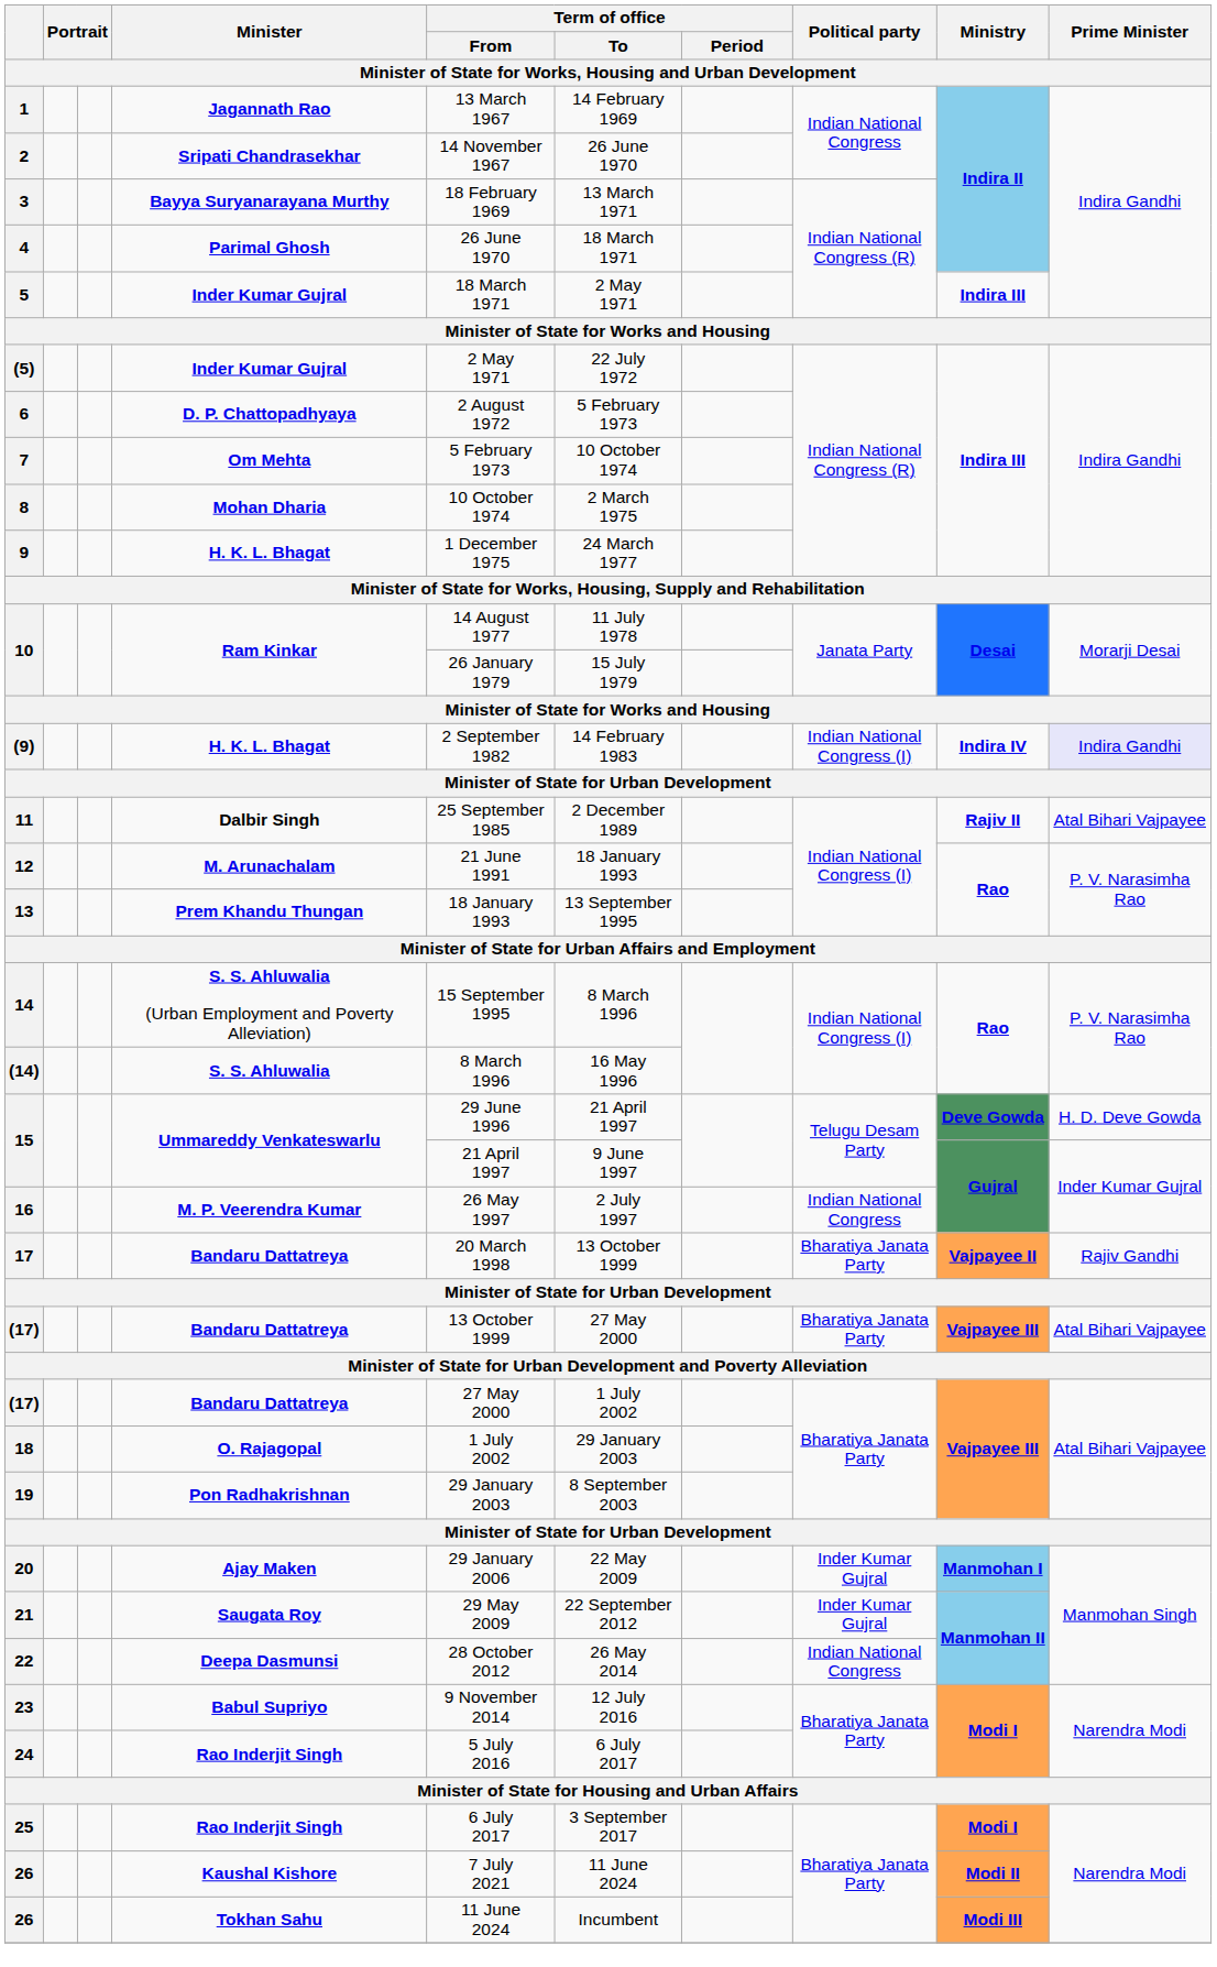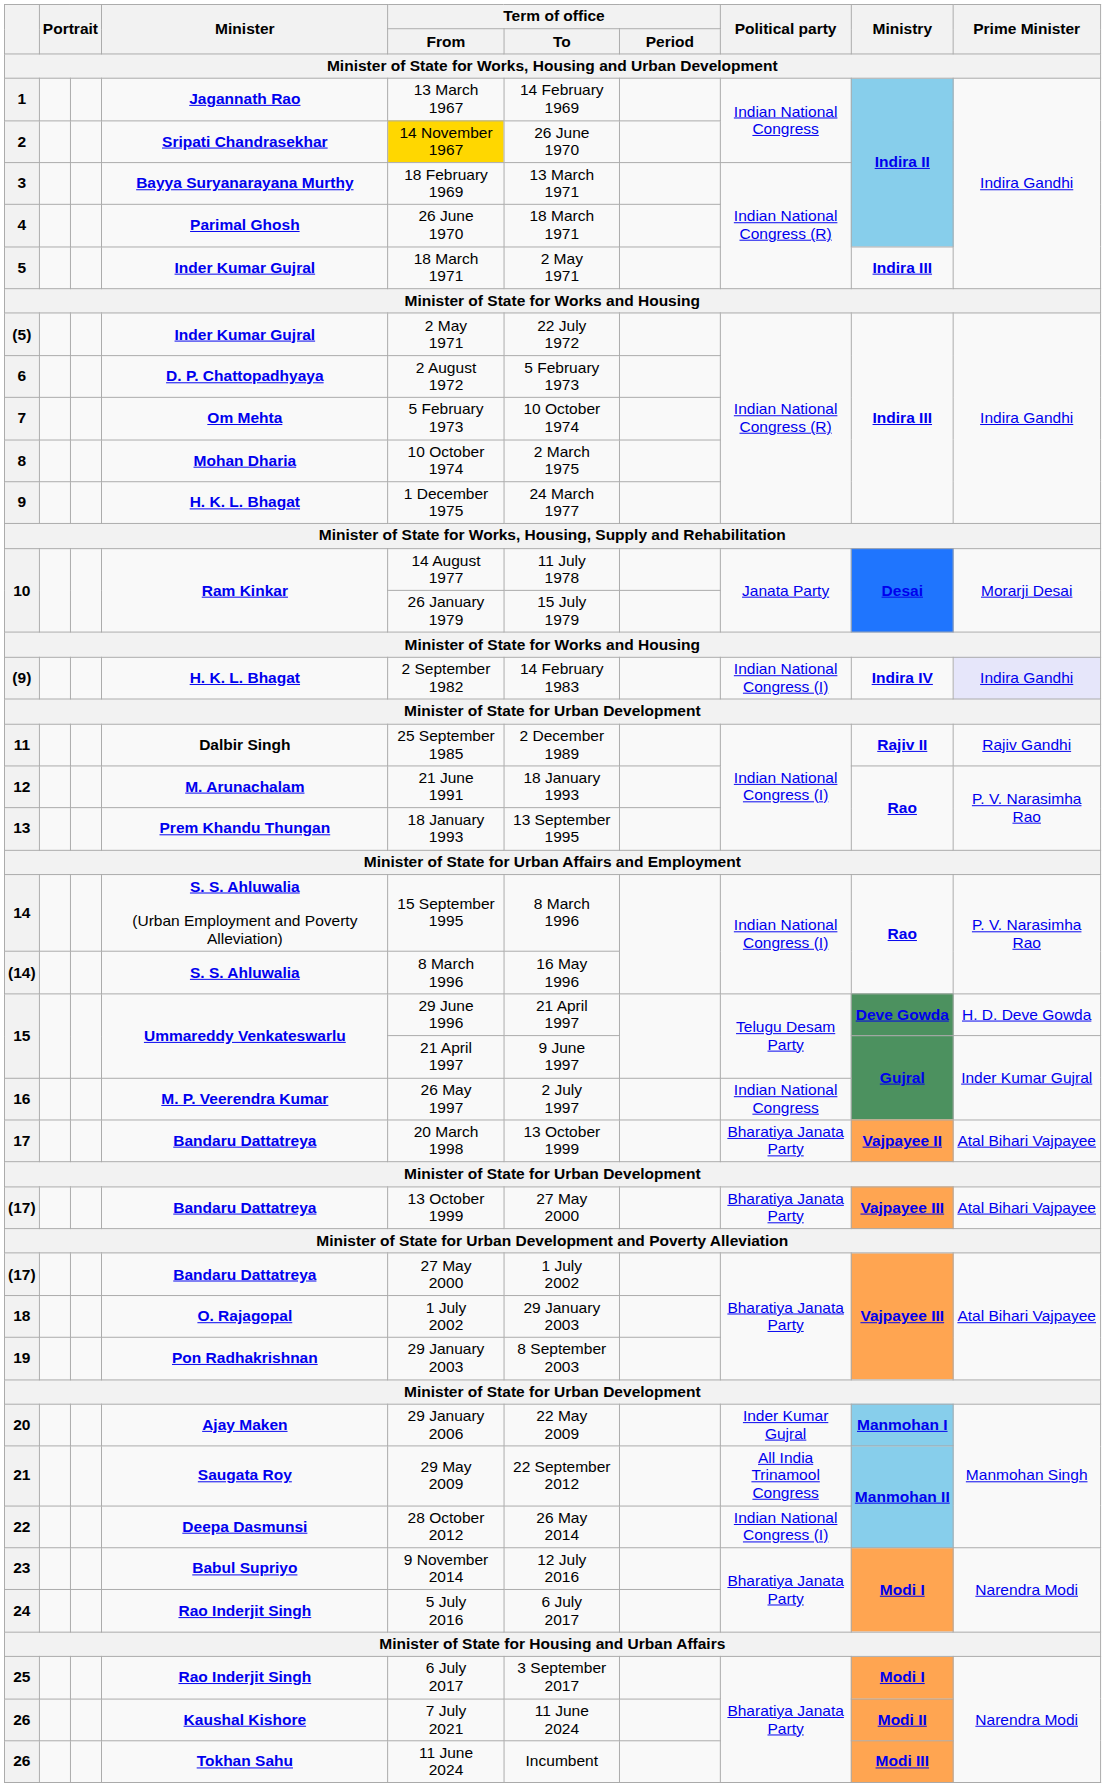 <table class="wikitable" style="text-align:center">
 <tr>
 <th rowspan="2"></th>
 <th rowspan="2" colspan="2">Portrait</th>
 <th rowspan="2" style="width:18em">Minister<br></th>
 <th colspan="3">Term of office</th>
 <th rowspan="2" style="width:8em">Political party</th>
 <th rowspan="2">Ministry</th>
 <th rowspan="2" style="width:9em">Prime Minister</th>
 </tr>
 <tr>
 <th style="width:7em">From</th>
 <th style="width:7em">To</th>
 <th style="width:6em">Period</th>
 </tr>
 <tr>
 <th colspan="10">Minister of State for Works, Housing and Urban Development</th>
 </tr>
 <tr>
 <th>1</th>
 <td></td>
 <td></td>
 <td><strong><a href='#'>Jagannath Rao</a></strong><br></td>
 <td>13 March<br>1967</td>
 <td>14 February<br>1969</td>
 <td><strong></strong></td>
 <td rowspan="2"><a href='#'>Indian National Congress</a></td>
 <td rowspan="4" bgcolor="#87CEEB"><strong><a href='#'>Indira II</a></strong></td>
 <td rowspan="5"><a href='#'>Indira Gandhi</a></td>
 </tr>
 <tr>
 <th>2</th>
 <td></td>
 <td></td>
 <td><strong><a href='#'>Sripati Chandrasekhar</a></strong><br></td>
-<td>14 November<br>1967</td>
+<td style="background: gold;">14 November<br>1967</td>
 <td>26 June<br>1970</td>
 <td><strong></strong></td>
 </tr>
 <tr>
 <th>3</th>
 <td></td>
 <td></td>
 <td><strong><a href='#'>Bayya Suryanarayana Murthy</a></strong><br></td>
 <td>18 February<br>1969</td>
 <td>13 March<br>1971</td>
 <td><strong></strong></td>
 <td rowspan="3"><a href='#'>Indian National Congress (R)</a></td>
 </tr>
 <tr>
 <th>4</th>
 <td></td>
 <td></td>
 <td><strong><a href='#'>Parimal Ghosh</a></strong><br></td>
 <td>26 June<br>1970</td>
 <td>18 March<br>1971</td>
 <td><strong></strong></td>
 </tr>
 <tr>
 <th>5</th>
 <td></td>
 <td></td>
 <td><strong><a href='#'>Inder Kumar Gujral</a></strong><br></td>
 <td>18 March<br>1971</td>
 <td>2 May<br>1971</td>
 <td><strong></strong></td>
 <td><strong><a href='#'>Indira III</a></strong></td>
 </tr>
 <tr>
 <th colspan="10">Minister of State for Works and Housing</th>
 </tr>
 <tr>
 <th>(5)</th>
 <td></td>
 <td></td>
 <td><strong><a href='#'>Inder Kumar Gujral</a></strong><br></td>
 <td>2 May<br>1971</td>
 <td>22 July<br>1972</td>
 <td><strong></strong></td>
 <td rowspan="5"><a href='#'>Indian National Congress (R)</a></td>
 <td rowspan="5"><strong><a href='#'>Indira III</a></strong></td>
 <td rowspan="5"><a href='#'>Indira Gandhi</a></td>
 </tr>
 <tr>
 <th>6</th>
 <td></td>
 <td></td>
 <td><strong><a href='#'>D. P. Chattopadhyaya</a></strong><br></td>
 <td>2 August<br>1972</td>
 <td>5 February<br>1973</td>
 <td><strong></strong></td>
 </tr>
 <tr>
 <th>7</th>
 <td></td>
 <td></td>
 <td><strong><a href='#'>Om Mehta</a></strong><br></td>
 <td>5 February<br>1973</td>
 <td>10 October<br>1974</td>
 <td><strong></strong></td>
 </tr>
 <tr>
 <th>8</th>
 <td></td>
 <td></td>
 <td><strong><a href='#'>Mohan Dharia</a></strong><br></td>
 <td>10 October<br>1974</td>
 <td>2 March<br>1975</td>
 <td><strong></strong></td>
 </tr>
 <tr>
 <th>9</th>
 <td></td>
 <td></td>
 <td><strong><a href='#'>H. K. L. Bhagat</a></strong><br></td>
 <td>1 December<br>1975</td>
 <td>24 March<br>1977</td>
 <td><strong></strong></td>
 </tr>
 <tr>
 <th colspan="10">Minister of State for Works, Housing, Supply and Rehabilitation</th>
 </tr>
 <tr>
 <th rowspan="2">10</th>
 <td rowspan="2"></td>
 <td rowspan="2"></td>
 <td rowspan="2"><strong><a href='#'>Ram Kinkar</a></strong><br></td>
 <td>14 August<br>1977</td>
 <td>11 July<br>1978</td>
 <td><strong></strong></td>
 <td rowspan="2"><a href='#'>Janata Party</a></td>
 <td rowspan="2" bgcolor="#1F75FE"><strong><a href='#'>Desai</a></strong></td>
 <td rowspan="2"><a href='#'>Morarji Desai</a></td>
 </tr>
 <tr>
 <td>26 January<br>1979</td>
 <td>15 July<br>1979</td>
 <td><strong></strong></td>
 </tr>
 <tr>
 <th colspan="10">Minister of State for Works and Housing</th>
 </tr>
 <tr>
 <th>(9)</th>
 <td></td>
 <td></td>
 <td><strong><a href='#'>H. K. L. Bhagat</a></strong><br></td>
 <td>2 September<br>1982</td>
 <td>14 February<br>1983</td>
 <td><strong></strong></td>
 <td><a href='#'>Indian National Congress (I)</a></td>
 <td><strong><a href='#'>Indira IV</a></strong></td>
 <td style="background: lavender;"><a href='#'>Indira Gandhi</a></td>
 </tr>
 <tr>
 <th colspan="10">Minister of State for Urban Development</th>
 </tr>
 <tr>
 <th>11</th>
 <td></td>
 <td></td>
 <td><strong>Dalbir Singh</strong><br></td>
 <td>25 September<br>1985</td>
 <td>2 December<br>1989</td>
 <td><strong></strong></td>
 <td rowspan="3"><a href='#'>Indian National Congress (I)</a></td>
 <td><strong><a href='#'>Rajiv II</a></strong></td>
-<td><a href='#'>Atal Bihari Vajpayee</a></td>
+<td><a href='#'>Rajiv Gandhi</a></td>
 </tr>
 <tr>
 <th>12</th>
 <td></td>
 <td></td>
 <td><strong><a href='#'>M. Arunachalam</a></strong><br></td>
 <td>21 June<br>1991</td>
 <td>18 January<br>1993</td>
 <td><strong></strong></td>
 <td rowspan="2"><a href='#'><strong>Rao</strong></a></td>
 <td rowspan="2"><a href='#'>P. V. Narasimha Rao</a></td>
 </tr>
 <tr>
 <th>13</th>
 <td></td>
 <td></td>
 <td><strong><a href='#'>Prem Khandu Thungan</a></strong><br></td>
 <td>18 January<br>1993</td>
 <td>13 September<br>1995</td>
 <td><strong></strong></td>
 </tr>
 <tr>
 <th colspan="10">Minister of State for Urban Affairs and Employment</th>
 </tr>
 <tr>
 <th>14</th>
 <td></td>
 <td></td>
 <td><strong><a href='#'>S. S. Ahluwalia</a></strong><br><br>(Urban Employment and Poverty Alleviation)</td>
 <td>15 September<br>1995</td>
 <td>8 March<br>1996</td>
 <td rowspan="2"><strong></strong></td>
 <td rowspan="2"><a href='#'>Indian National Congress (I)</a></td>
 <td rowspan="2"><a href='#'><strong>Rao</strong></a></td>
 <td rowspan="2"><a href='#'>P. V. Narasimha Rao</a></td>
 </tr>
 <tr>
 <th>(14)</th>
 <td></td>
 <td></td>
 <td><strong><a href='#'>S. S. Ahluwalia</a></strong><br></td>
 <td>8 March<br>1996</td>
 <td>16 May<br>1996</td>
 </tr>
 <tr>
 <th rowspan="2">15</th>
 <td rowspan="2"></td>
 <td rowspan="2"></td>
 <td rowspan="2"><strong><a href='#'>Ummareddy Venkateswarlu</a></strong><br></td>
 <td>29 June<br>1996</td>
 <td>21 April<br>1997</td>
 <td rowspan="2"><strong></strong></td>
 <td rowspan="2"><a href='#'>Telugu Desam Party</a></td>
 <td style="background:#4C915F"><strong><a href='#'>Deve Gowda</a></strong></td>
 <td><a href='#'>H. D. Deve Gowda</a></td>
 </tr>
 <tr>
 <td>21 April<br>1997</td>
 <td>9 June<br>1997</td>
 <td rowspan="2" style="background:#4C915F"><strong><a href='#'>Gujral</a></strong></td>
 <td rowspan="2"><a href='#'>Inder Kumar Gujral</a></td>
 </tr>
 <tr>
 <th>16</th>
 <td></td>
 <td></td>
 <td><strong><a href='#'>M. P. Veerendra Kumar</a></strong><br></td>
 <td>26 May<br>1997</td>
 <td>2 July<br>1997</td>
 <td><strong></strong></td>
 <td><a href='#'>Indian National Congress</a></td>
 </tr>
 <tr>
 <th>17</th>
 <td></td>
 <td></td>
 <td><strong><a href='#'>Bandaru Dattatreya</a></strong><br></td>
 <td>20 March<br>1998</td>
 <td>13 October<br>1999</td>
 <td><strong></strong></td>
 <td><a href='#'>Bharatiya Janata Party</a></td>
 <td style="background:#FFA551;"><strong><a href='#'>Vajpayee II</a></strong></td>
-<td><a href='#'>Rajiv Gandhi</a></td>
+<td><a href='#'>Atal Bihari Vajpayee</a></td>
 </tr>
 <tr>
 <th colspan="10">Minister of State for Urban Development</th>
 </tr>
 <tr>
 <th>(17)</th>
 <td></td>
 <td></td>
 <td><strong><a href='#'>Bandaru Dattatreya</a></strong><br></td>
 <td>13 October<br>1999</td>
 <td>27 May<br>2000</td>
 <td><strong></strong></td>
 <td><a href='#'>Bharatiya Janata Party</a></td>
 <td style="background:#FFA551;"><strong><a href='#'>Vajpayee III</a></strong></td>
 <td><a href='#'>Atal Bihari Vajpayee</a></td>
 </tr>
 <tr>
 <th colspan="10">Minister of State for Urban Development and Poverty Alleviation</th>
 </tr>
 <tr>
 <th>(17)</th>
 <td></td>
 <td></td>
 <td><strong><a href='#'>Bandaru Dattatreya</a></strong><br></td>
 <td>27 May<br>2000</td>
 <td>1 July<br>2002</td>
 <td><strong></strong></td>
 <td rowspan="3"><a href='#'>Bharatiya Janata Party</a></td>
 <td rowspan="3" style="background:#FFA551;"><strong><a href='#'>Vajpayee III</a></strong></td>
 <td rowspan="3"><a href='#'>Atal Bihari Vajpayee</a></td>
 </tr>
 <tr>
 <th>18</th>
 <td></td>
 <td></td>
 <td><strong><a href='#'>O. Rajagopal</a></strong><br></td>
 <td>1 July<br>2002</td>
 <td>29 January<br>2003</td>
 <td><strong></strong></td>
 </tr>
 <tr>
 <th>19</th>
 <td></td>
 <td></td>
 <td><strong><a href='#'>Pon Radhakrishnan</a></strong><br></td>
 <td>29 January<br>2003</td>
 <td>8 September<br>2003</td>
 <td><strong></strong></td>
 </tr>
 <tr>
 <th colspan="10">Minister of State for Urban Development</th>
 </tr>
 <tr>
 <th>20</th>
 <td></td>
 <td></td>
 <td><strong><a href='#'>Ajay Maken</a></strong><br></td>
 <td>29 January<br>2006</td>
 <td>22 May<br>2009</td>
 <td><strong></strong></td>
 <td><a href='#'>Inder Kumar Gujral</a></td>
 <td bgcolor="#87CEEB"><a href='#'><strong>Manmohan I</strong></a></td>
 <td rowspan="3"><a href='#'>Manmohan Singh</a></td>
 </tr>
 <tr>
 <th>21</th>
 <td></td>
 <td></td>
 <td><strong><a href='#'>Saugata Roy</a></strong><br></td>
 <td>29 May<br>2009</td>
 <td>22 September<br>2012</td>
 <td><strong></strong></td>
-<td><a href='#'>Inder Kumar Gujral</a></td>
+<td><a href='#'>All India Trinamool Congress</a></td>
 <td rowspan="2" bgcolor="#87CEEB"><a href='#'><strong>Manmohan II</strong></a></td>
 </tr>
 <tr>
 <th>22</th>
 <td></td>
 <td></td>
 <td><strong><a href='#'>Deepa Dasmunsi</a></strong><br></td>
 <td>28 October<br>2012</td>
 <td>26 May<br>2014</td>
 <td><strong></strong></td>
-<td><a href='#'>Indian National Congress</a></td>
+<td><a href='#'>Indian National Congress (I)</a></td>
 </tr>
 <tr>
 <th>23</th>
 <td></td>
 <td></td>
 <td><strong><a href='#'>Babul Supriyo</a></strong><br></td>
 <td>9 November<br>2014</td>
 <td>12 July<br>2016</td>
 <td><strong></strong></td>
 <td rowspan="2"><a href='#'>Bharatiya Janata Party</a></td>
 <td rowspan="2" style="background:#FFA551;"><strong><a href='#'>Modi I</a></strong></td>
 <td rowspan="2"><a href='#'>Narendra Modi</a></td>
 </tr>
 <tr>
 <th>24</th>
 <td></td>
 <td></td>
 <td><strong><a href='#'>Rao Inderjit Singh</a></strong><br></td>
 <td>5 July<br>2016</td>
 <td>6 July<br>2017</td>
 <td><strong></strong></td>
 </tr>
 <tr>
 <th colspan="25">Minister of State for Housing and Urban Affairs</th>
 </tr>
 <tr>
 <th>25</th>
 <td></td>
 <td></td>
 <td><strong><a href='#'>Rao Inderjit Singh</a></strong><br></td>
 <td>6 July<br>2017</td>
 <td>3 September<br>2017</td>
 <td><strong></strong></td>
 <td rowspan="3"><a href='#'>Bharatiya Janata Party</a></td>
 <td style="background:#FFA551;"><strong><a href='#'>Modi I</a></strong></td>
 <td rowspan="3"><a href='#'>Narendra Modi</a></td>
 </tr>
 <tr>
 <th>26</th>
 <td></td>
 <td></td>
 <td><strong><a href='#'>Kaushal Kishore</a></strong><br></td>
 <td>7 July<br>2021</td>
 <td>11 June<br>2024</td>
 <td><strong></strong></td>
 <td style="background:#FFA551;"><strong><a href='#'>Modi II</a></strong></td>
 </tr>
 <tr>
 <th>26</th>
 <td></td>
 <td></td>
 <td><strong><a href='#'>Tokhan Sahu</a></strong><br></td>
 <td>11 June<br>2024</td>
 <td>Incumbent</td>
 <td><strong></strong></td>
 <td style="background:#FFA551;"><strong><a href='#'>Modi III</a></strong></td>
 </tr>
 <tr>
 </tr>
 </table>
